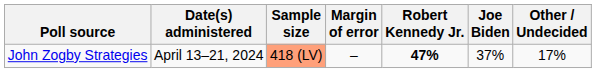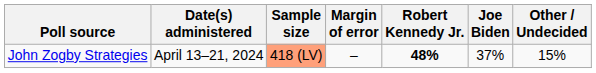 <table class="wikitable sortable mw-datatable" style="font-size:90%;text-align:center;line-height:17px">
 <tr valign=bottom>
 <th>Poll source</th>
 <th>Date(s)<br>administered</th>
 <th>Sample<br>size</th>
 <th>Margin<br>of error</th>
 <th class="unsortable">Robert<br>Kennedy Jr.<br></th>
 <th class="unsortable">Joe<br>Biden<br></th>
 <th class="unsortable">Other /<br>Undecided</th>
 </tr>
 <tr>
 <td style="text-align:left;"><a href='#'>John Zogby Strategies</a></td>
 <td data-sort-value="2024-05-01">April 13–21, 2024</td>
 <td style="background: lightsalmon;">418 (LV)</td>
 <td>–</td>
-<td style="background-color:"><strong>47%</strong></td>
+<td style="background-color:"><strong>48%</strong></td>
 <td>37%</td>
-<td>17%</td>
+<td>15%</td>
 </tr>
 </table>
